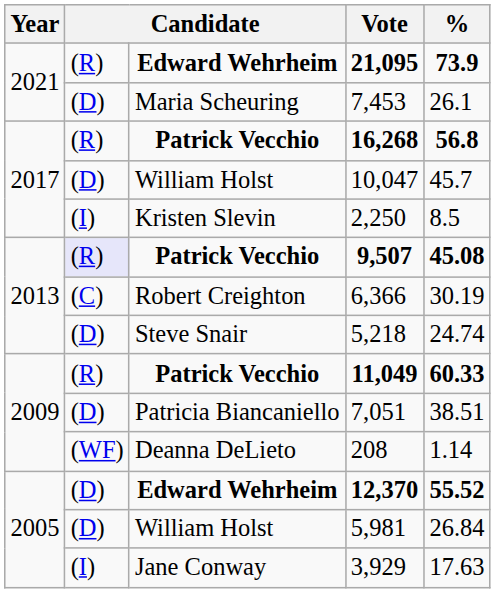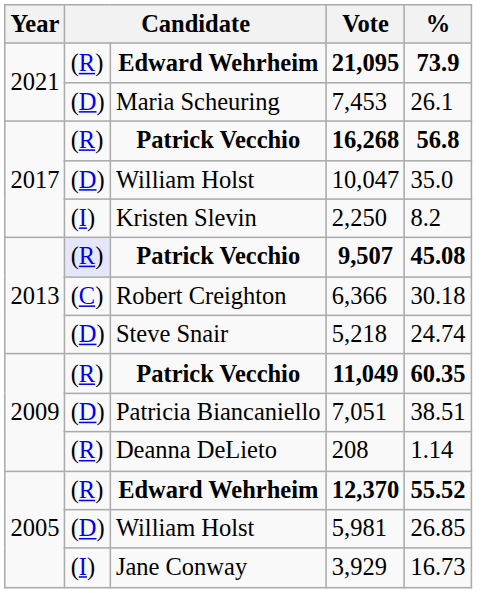 <table class="wikitable">
 <tr>
 <th>Year</th>
 <th colspan="2">Candidate</th>
 <th>Vote</th>
 <th>%</th>
 </tr>
 <tr>
 <td rowspan="2">2021</td>
 <td>(<a href='#'>R</a>)</td>
 <td style="text-align:center; "><strong>Edward Wehrheim</strong> </td>
 <td style="text-align:center; "><strong>21,095</strong></td>
 <td style="text-align:center; "><strong>73.9</strong></td>
 </tr>
 <tr>
 <td>(<a href='#'>D</a>)</td>
 <td>Maria Scheuring</td>
 <td>7,453</td>
 <td>26.1</td>
 </tr>
 <tr>
 <td rowspan="3">2017</td>
 <td>(<a href='#'>R</a>)</td>
 <td style="text-align:center; "><strong>Patrick Vecchio</strong> </td>
 <td style="text-align:center; "><strong>16,268</strong></td>
 <td style="text-align:center; "><strong>56.8</strong></td>
 </tr>
 <tr>
 <td>(<a href='#'>D</a>)</td>
 <td>William Holst</td>
 <td>10,047</td>
-<td>45.7</td>
+<td>35.0</td>
 </tr>
 <tr>
 <td>(<a href='#'>I</a>)</td>
 <td>Kristen Slevin</td>
 <td>2,250</td>
-<td>8.5</td>
+<td>8.2</td>
 </tr>
 <tr>
 <td rowspan="3">2013</td>
 <td style="background: lavender;">(<a href='#'>R</a>)</td>
 <td style="text-align:center; "><strong>Patrick Vecchio</strong> </td>
 <td style="text-align:center; "><strong>9,507</strong></td>
 <td style="text-align:center; "><strong>45.08</strong></td>
 </tr>
 <tr>
 <td>(<a href='#'>C</a>)</td>
 <td>Robert Creighton</td>
 <td>6,366</td>
-<td>30.19</td>
+<td>30.18</td>
 </tr>
 <tr>
 <td>(<a href='#'>D</a>)</td>
 <td>Steve Snair</td>
 <td>5,218</td>
 <td>24.74</td>
 </tr>
 <tr>
 <td rowspan="3">2009</td>
 <td>(<a href='#'>R</a>)</td>
 <td style="text-align:center; "><strong>Patrick Vecchio </strong></td>
 <td style="text-align:center; "><strong>11,049</strong></td>
-<td style="text-align:center; "><strong>60.33</strong></td>
+<td style="text-align:center; "><strong>60.35</strong></td>
 </tr>
 <tr>
 <td>(<a href='#'>D</a>)</td>
 <td>Patricia Biancaniello</td>
 <td>7,051</td>
 <td>38.51</td>
 </tr>
 <tr>
-<td>(<a href='#'>WF</a>)</td>
+<td>(<a href='#'>R</a>)</td>
 <td>Deanna DeLieto</td>
 <td>208</td>
 <td>1.14</td>
 </tr>
 <tr>
 <td rowspan="3">2005</td>
-<td>(<a href='#'>D</a>)</td>
+<td>(<a href='#'>R</a>)</td>
 <td style="text-align:center; "><strong>Edward Wehrheim</strong> </td>
 <td style="text-align:center; "><strong>12,370</strong></td>
 <td style="text-align:center; "><strong>55.52</strong></td>
 </tr>
 <tr>
 <td>(<a href='#'>D</a>)</td>
 <td>William Holst</td>
 <td>5,981</td>
-<td>26.84</td>
+<td>26.85</td>
 </tr>
 <tr>
 <td>(<a href='#'>I</a>)</td>
 <td>Jane Conway</td>
 <td>3,929</td>
-<td>17.63</td>
+<td>16.73</td>
 </tr>
 </table>
